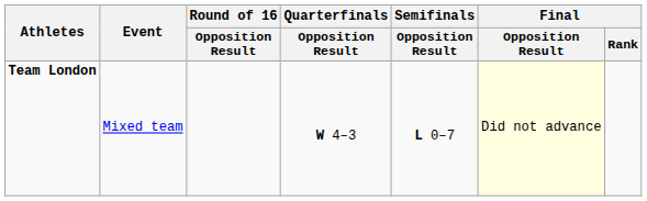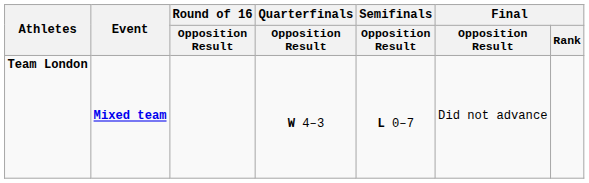 <table class="wikitable" style="font-size:90%">
 <tr>
 <th rowspan=2>Athletes</th>
 <th rowspan=2>Event</th>
 <th>Round of 16</th>
 <th>Quarterfinals</th>
 <th>Semifinals</th>
 <th colspan=2>Final</th>
 </tr>
 <tr style="font-size:95%">
 <th>Opposition<br>Result</th>
 <th>Opposition<br>Result</th>
 <th>Opposition<br>Result</th>
 <th>Opposition<br>Result</th>
 <th>Rank</th>
 </tr>
 <tr align=center>
 <td align=left><strong>Team London</strong><br><br><br><br><br><br><br><br></td>
-<td align=left><a href='#'>Mixed team</a></td>
+<td align=left><strong><a href='#'>Mixed team</a></strong></td>
 <td></td>
 <td><br><strong>W</strong> 4–3</td>
 <td><br><strong>L</strong> 0–7</td>
-<td style="background: lightyellow;">Did not advance</td>
+<td>Did not advance</td>
 <td></td>
 </tr>
 </table>
